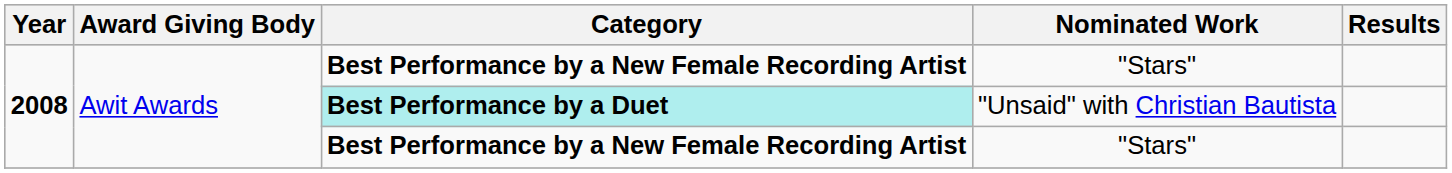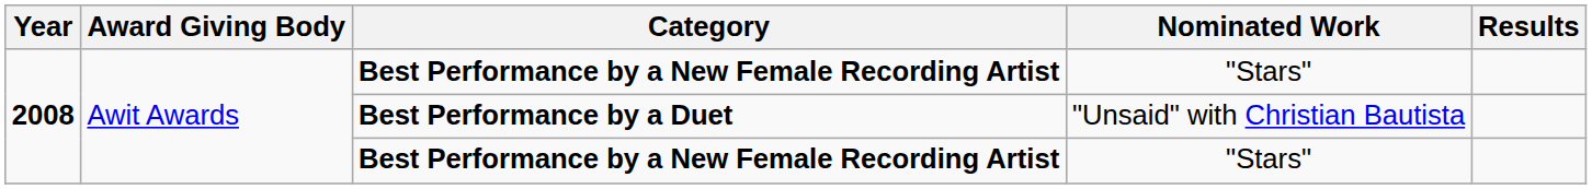 <table class="wikitable">
 <tr>
 <th>Year</th>
 <th>Award Giving Body</th>
 <th>Category</th>
 <th>Nominated Work</th>
 <th>Results</th>
 </tr>
 <tr>
 <td rowspan=3><strong>2008</strong></td>
 <td rowspan=3><a href='#'>Awit Awards</a></td>
 <td><strong>Best Performance by a New Female Recording Artist</strong> </td>
 <td align=center>"Stars"</td>
 <td></td>
 </tr>
 <tr>
-<td style="background: paleturquoise;"><strong>Best Performance by a Duet</strong></td>
+<td><strong>Best Performance by a Duet</strong></td>
 <td align=center>"Unsaid" with <a href='#'>Christian Bautista</a></td>
 <td></td>
 </tr>
 <tr>
 <td><strong>Best Performance by a New Female Recording Artist</strong> </td>
 <td align=center>"Stars"</td>
 <td></td>
 </tr>
 </table>
